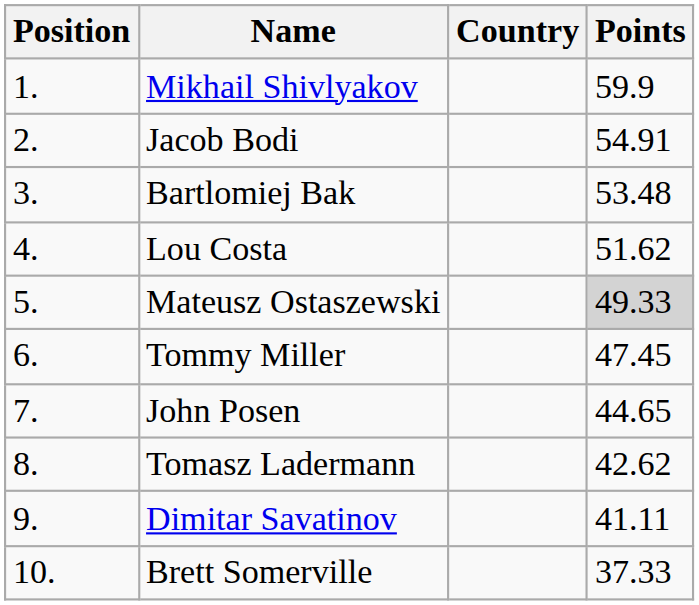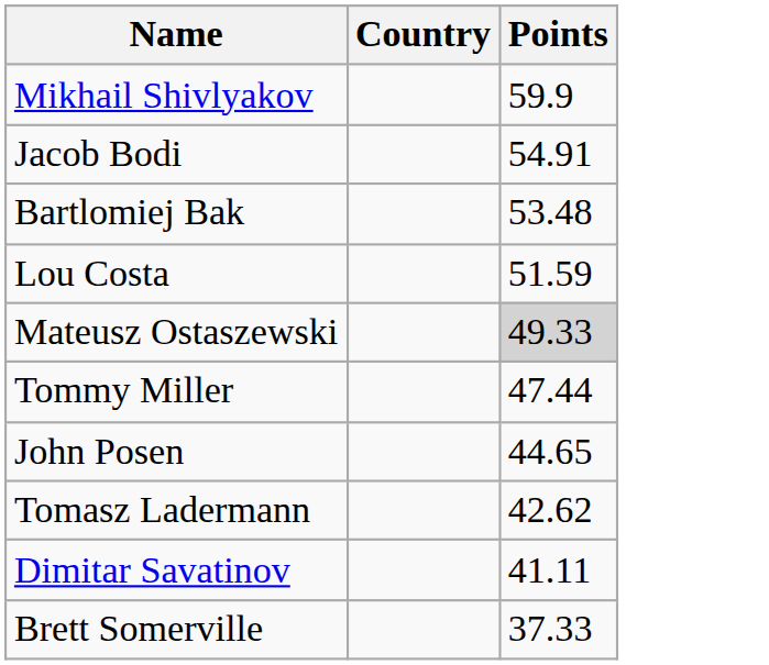 <table class="wikitable sortable" style="display: inline-table">
 <tr>
-<th>Position</th>
 <th>Name</th>
 <th>Country</th>
 <th>Points</th>
 </tr>
 <tr>
-<td>1.</td>
 <td><a href='#'>Mikhail Shivlyakov</a></td>
 <td></td>
 <td>59.9</td>
 </tr>
 <tr>
-<td>2.</td>
 <td>Jacob Bodi</td>
 <td></td>
 <td>54.91</td>
 </tr>
 <tr>
-<td>3.</td>
 <td>Bartlomiej Bak</td>
 <td></td>
 <td>53.48</td>
 </tr>
 <tr>
-<td>4.</td>
 <td>Lou Costa</td>
 <td></td>
-<td>51.62</td>
+<td>51.59</td>
 </tr>
 <tr>
-<td>5.</td>
 <td>Mateusz Ostaszewski</td>
 <td></td>
 <td style="background: lightgrey;">49.33</td>
 </tr>
 <tr>
-<td>6.</td>
 <td>Tommy Miller</td>
 <td></td>
-<td>47.45</td>
+<td>47.44</td>
 </tr>
 <tr>
-<td>7.</td>
 <td>John Posen</td>
 <td></td>
 <td>44.65</td>
 </tr>
 <tr>
-<td>8.</td>
 <td>Tomasz Ladermann</td>
 <td></td>
 <td>42.62</td>
 </tr>
 <tr>
-<td>9.</td>
 <td><a href='#'>Dimitar Savatinov</a></td>
 <td></td>
 <td>41.11</td>
 </tr>
 <tr>
-<td>10.</td>
 <td>Brett Somerville</td>
 <td></td>
 <td>37.33</td>
 </tr>
 </table>
